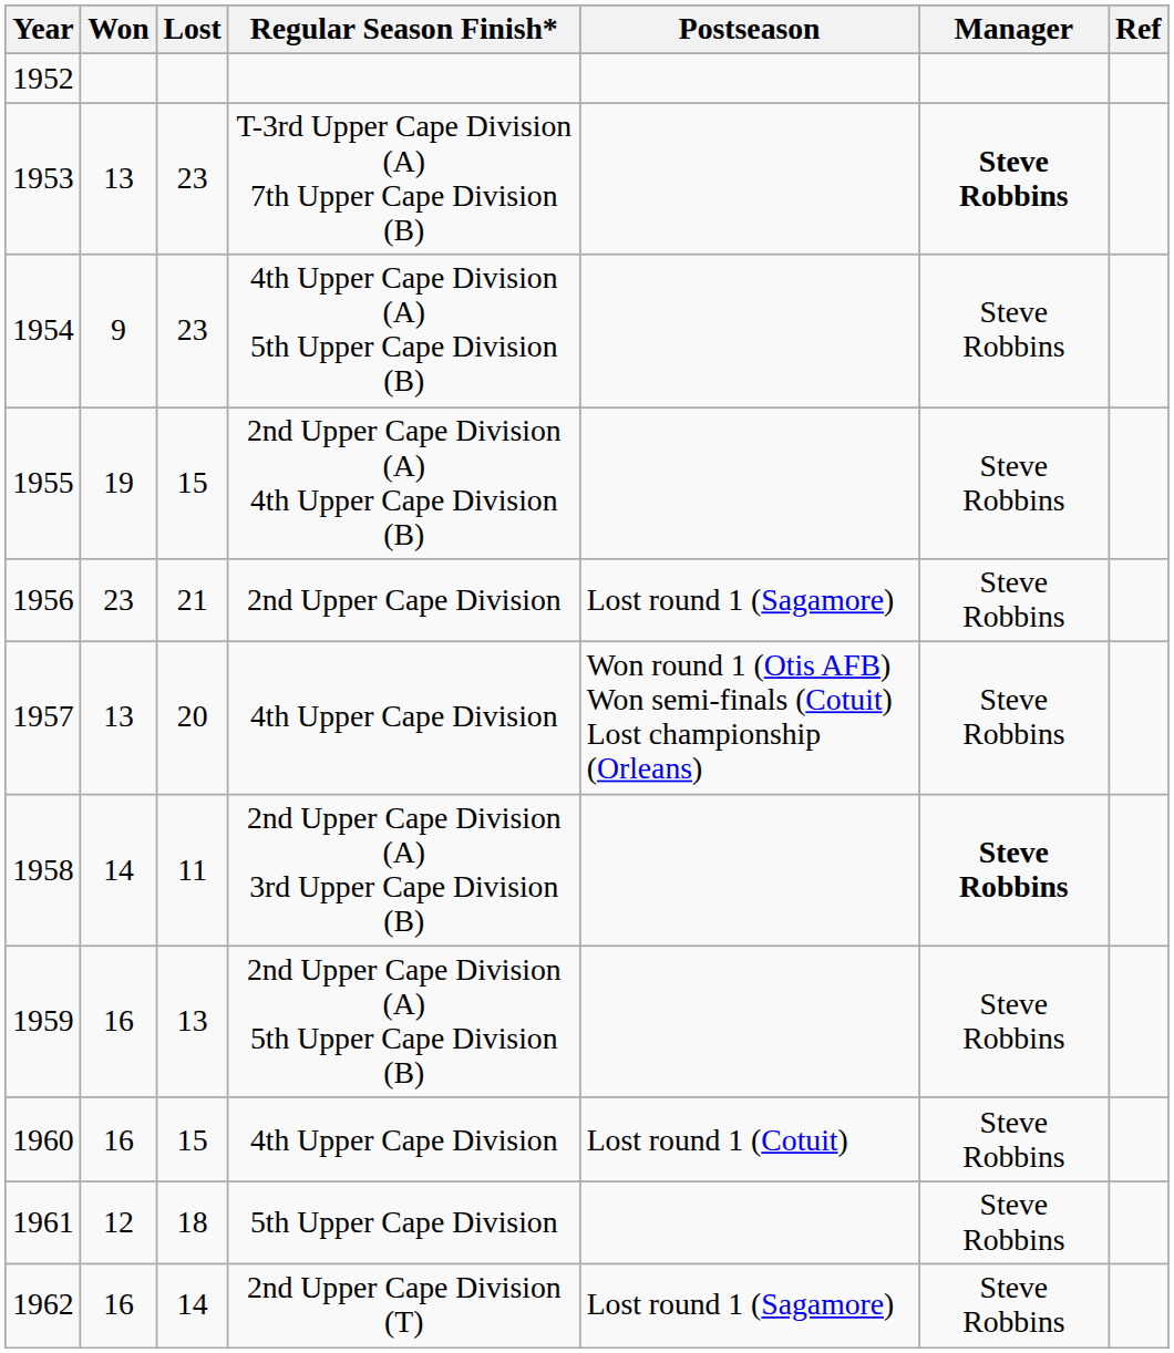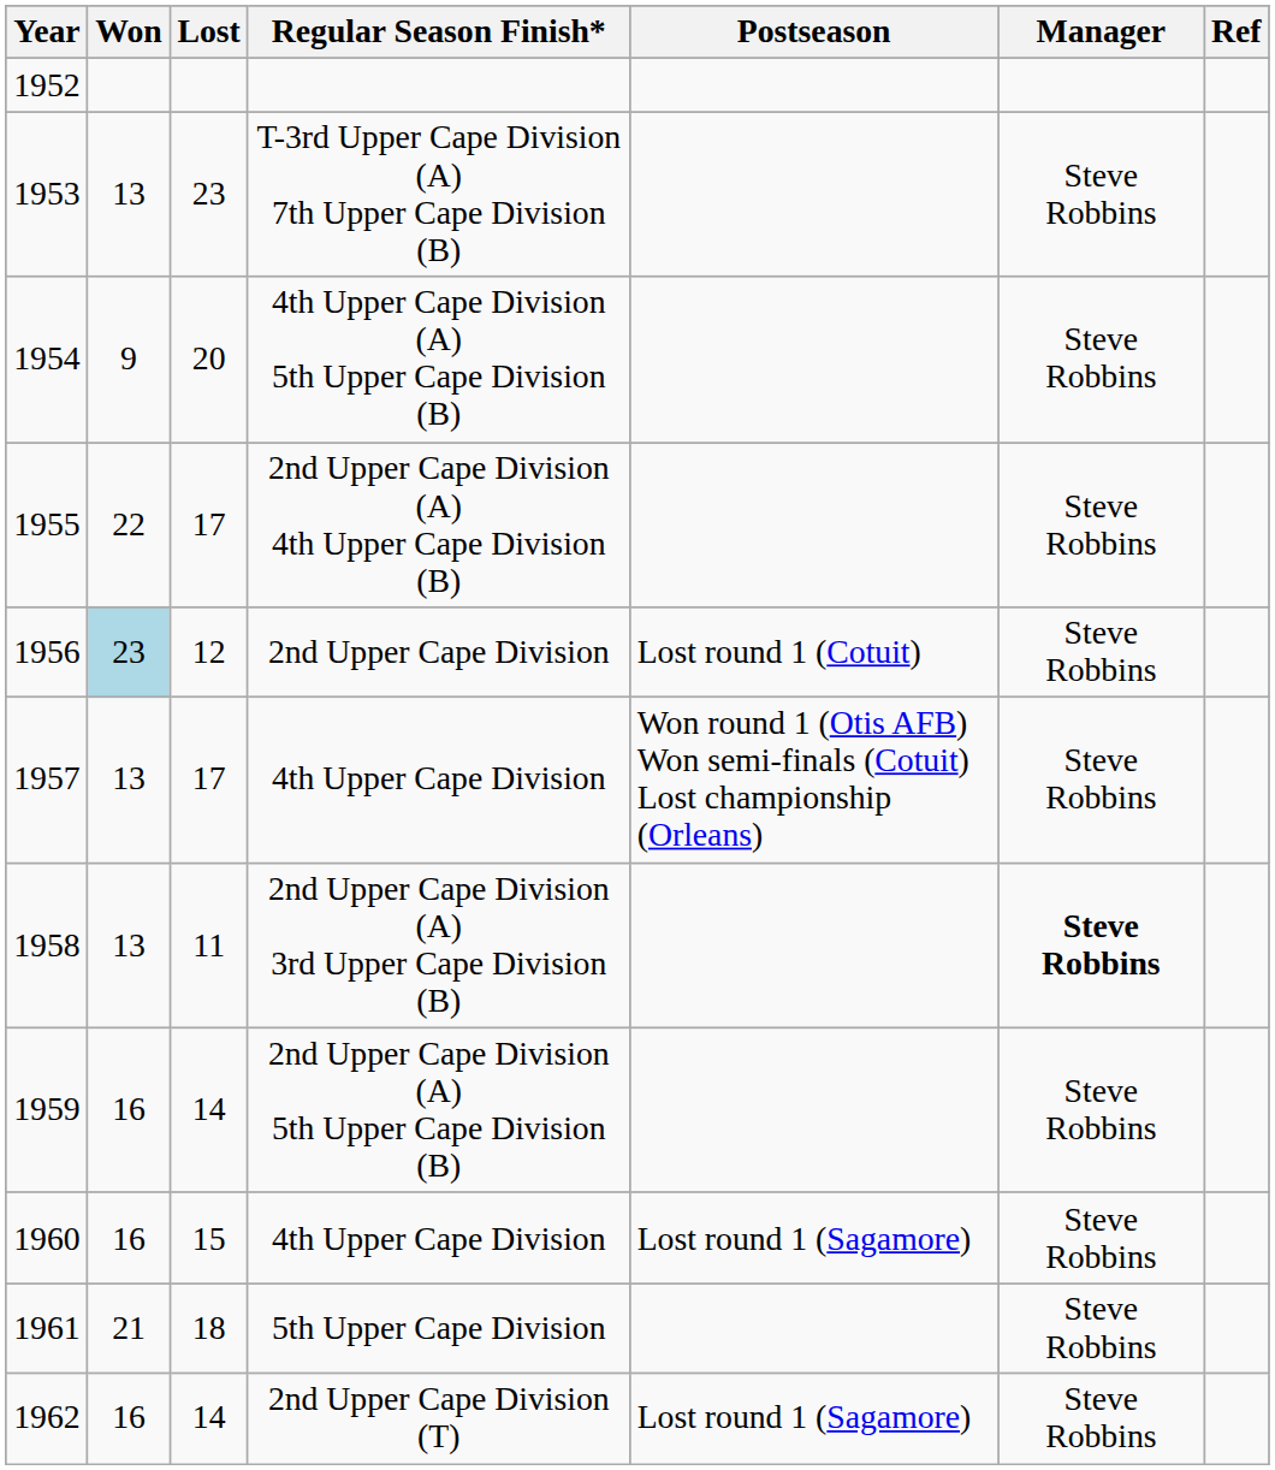 <table class="wikitable" style="text-align:center">
 <tr>
 <th scope="col">Year</th>
 <th scope="col">Won</th>
 <th scope="col">Lost</th>
 <th scope="col">Regular Season Finish*</th>
 <th scope="col">Postseason</th>
 <th scope="col">Manager</th>
 <th scope="col">Ref</th>
 </tr>
 <tr>
 <td>1952</td>
 <td></td>
 <td></td>
 <td></td>
 <td></td>
 <td></td>
 <td></td>
 </tr>
 <tr>
 <td>1953</td>
 <td>13</td>
 <td>23</td>
 <td>T-3rd Upper Cape Division (A)<br>7th Upper Cape Division (B)</td>
 <td></td>
-<td><strong>Steve Robbins</strong></td>
+<td>Steve Robbins</td>
 <td></td>
 </tr>
 <tr>
 <td>1954</td>
 <td>9</td>
-<td>23</td>
+<td>20</td>
 <td>4th Upper Cape Division (A)<br>5th Upper Cape Division (B)</td>
 <td></td>
 <td>Steve Robbins</td>
 <td></td>
 </tr>
 <tr>
 <td>1955</td>
-<td>19</td>
-<td>15</td>
+<td>22</td>
+<td>17</td>
 <td>2nd Upper Cape Division (A)<br>4th Upper Cape Division (B)</td>
 <td></td>
 <td>Steve Robbins</td>
 <td></td>
 </tr>
 <tr>
 <td>1956</td>
-<td>23</td>
-<td>21</td>
+<td style="background: lightblue;">23</td>
+<td>12</td>
 <td>2nd Upper Cape Division</td>
-<td style="text-align:left">Lost round 1 (<a href='#'>Sagamore</a>)</td>
+<td style="text-align:left">Lost round 1 (<a href='#'>Cotuit</a>)</td>
 <td>Steve Robbins</td>
 <td></td>
 </tr>
 <tr>
 <td>1957</td>
 <td>13</td>
-<td>20</td>
+<td>17</td>
 <td>4th Upper Cape Division</td>
 <td style="text-align:left">Won round 1 (<a href='#'>Otis AFB</a>)<br>Won semi-finals (<a href='#'>Cotuit</a>)<br>Lost championship (<a href='#'>Orleans</a>)</td>
 <td>Steve Robbins</td>
 <td></td>
 </tr>
 <tr>
 <td>1958</td>
-<td>14</td>
+<td>13</td>
 <td>11</td>
 <td>2nd Upper Cape Division (A)<br>3rd Upper Cape Division (B)</td>
 <td></td>
 <td><strong>Steve Robbins</strong></td>
 <td></td>
 </tr>
 <tr>
 <td>1959</td>
 <td>16</td>
-<td>13</td>
+<td>14</td>
 <td>2nd Upper Cape Division (A)<br>5th Upper Cape Division (B)</td>
 <td></td>
 <td>Steve Robbins</td>
 <td></td>
 </tr>
 <tr>
 <td>1960</td>
 <td>16</td>
 <td>15</td>
 <td>4th Upper Cape Division</td>
-<td style="text-align:left">Lost round 1 (<a href='#'>Cotuit</a>)</td>
+<td style="text-align:left">Lost round 1 (<a href='#'>Sagamore</a>)</td>
 <td>Steve Robbins</td>
 <td></td>
 </tr>
 <tr>
 <td>1961</td>
-<td>12</td>
+<td>21</td>
 <td>18</td>
 <td>5th Upper Cape Division</td>
 <td></td>
 <td>Steve Robbins</td>
 <td></td>
 </tr>
 <tr>
 <td>1962</td>
 <td>16</td>
 <td>14</td>
 <td>2nd Upper Cape Division (T)</td>
 <td style="text-align:left">Lost round 1 (<a href='#'>Sagamore</a>)</td>
 <td>Steve Robbins</td>
 <td></td>
 </tr>
 <tr>
 </tr>
 </table>
